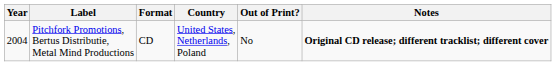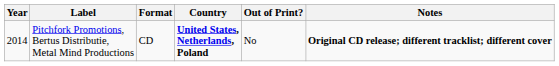 <table class="wikitable">
 <tr>
 <th>Year</th>
 <th>Label</th>
 <th>Format</th>
 <th>Country</th>
 <th>Out of Print?</th>
 <th>Notes</th>
 </tr>
 <tr>
-<td>2004</td>
+<td>2014</td>
 <td><a href='#'>Pitchfork Promotions</a>,<br>Bertus Distributie,<br>Metal Mind Productions</td>
 <td>CD</td>
-<td><a href='#'>United States</a>,<br><a href='#'>Netherlands</a>,<br>Poland</td>
+<td><strong><a href='#'>United States</a>,<br><a href='#'>Netherlands</a>,<br>Poland</strong></td>
 <td>No</td>
 <td><strong>Original CD release; different tracklist; different cover</strong></td>
 </tr>
 </table>
